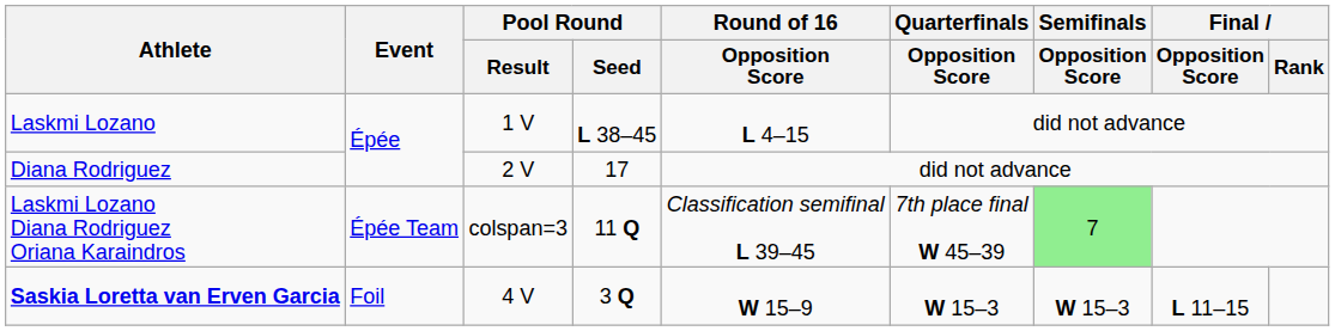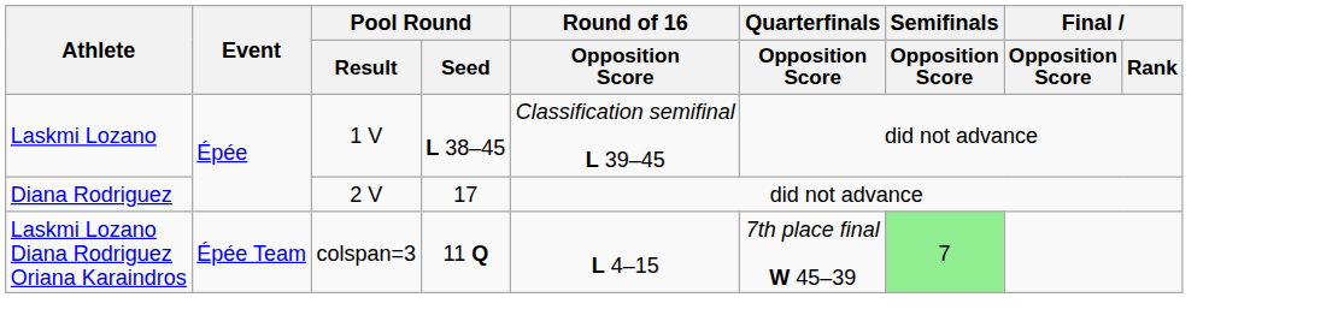 <table class=wikitable style="font-size:90%">
 <tr>
 <th rowspan="2">Athlete</th>
 <th rowspan="2">Event</th>
 <th colspan=2>Pool Round</th>
 <th>Round of 16</th>
 <th>Quarterfinals</th>
 <th>Semifinals</th>
 <th colspan=2>Final / </th>
 </tr>
 <tr style="font-size:95%">
 <th>Result</th>
 <th>Seed</th>
 <th>Opposition<br>Score</th>
 <th>Opposition<br>Score</th>
 <th>Opposition<br>Score</th>
 <th>Opposition<br>Score</th>
 <th>Rank</th>
 </tr>
 <tr align=center>
 <td align=left><a href='#'>Laskmi Lozano</a></td>
 <td align=left rowspan=2><a href='#'>Épée</a></td>
 <td>1 V</td>
 <td><br><strong>L</strong> 38–45</td>
-<td><br><strong>L</strong> 4–15</td>
+<td><em>Classification semifinal</em><br><br><strong>L</strong> 39–45</td>
 <td colspan=4>did not advance</td>
 </tr>
 <tr align=center>
 <td align=left><a href='#'>Diana Rodriguez</a></td>
 <td>2 V</td>
 <td>17</td>
 <td colspan=5>did not advance</td>
 </tr>
 <tr align=center>
 <td align=left><a href='#'>Laskmi Lozano</a><br><a href='#'>Diana Rodriguez</a><br><a href='#'>Oriana Karaindros</a></td>
 <td align=left><a href='#'>Épée Team</a></td>
 <td>colspan=3 </td>
 <td>11 <strong>Q</strong></td>
-<td><em>Classification semifinal</em><br><br><strong>L</strong> 39–45</td>
+<td><br><strong>L</strong> 4–15</td>
 <td><em>7th place final</em><br><br><strong>W</strong> 45–39</td>
 <td style="background: lightgreen;">7</td>
 </tr>
-<tr align=center>
-<td align=left><strong><a href='#'>Saskia Loretta van Erven Garcia</a></strong></td>
-<td align=left><a href='#'>Foil</a></td>
-<td>4 V</td>
-<td>3 <strong>Q</strong></td>
-<td><br><strong>W</strong> 15–9</td>
-<td><br><strong>W</strong> 15–3</td>
-<td><br><strong>W</strong> 15–3</td>
-<td><br><strong>L</strong> 11–15</td>
-<td></td>
-</tr>
 </table>
